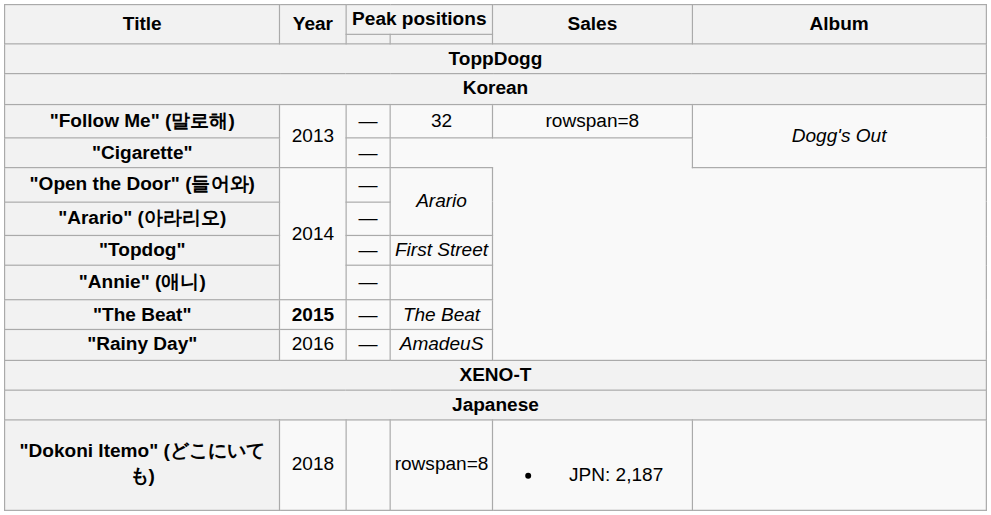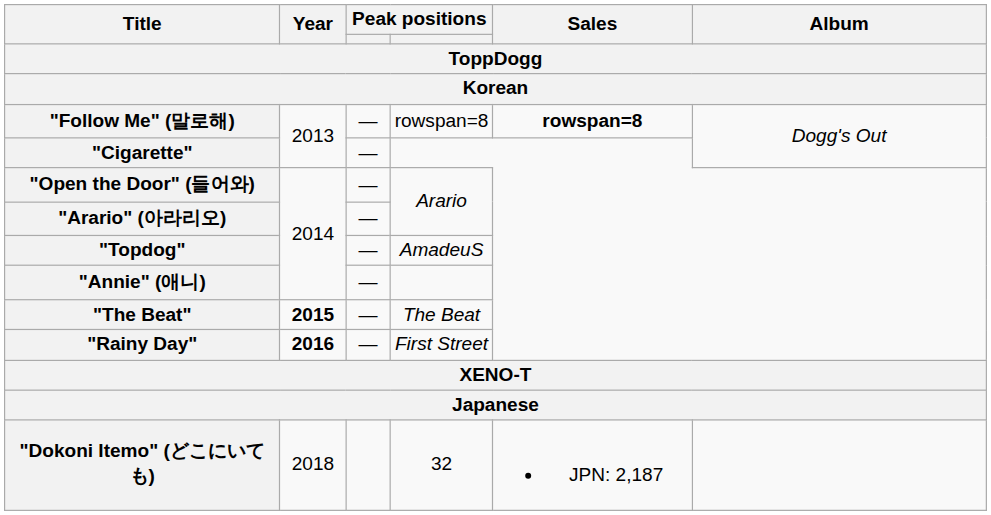 <table class="wikitable plainrowheaders" style="text-align:center;">
 <tr>
 <th rowspan="2" scope="col" style="width:14em;">Title</th>
 <th rowspan="2" scope="col" style="width:3em;">Year</th>
 <th colspan="2" scope="col">Peak positions</th>
 <th rowspan="2" style="width:10em;">Sales</th>
 <th rowspan="2" scope="col" style="width:15em;">Album</th>
 </tr>
 <tr>
 <th width="30"></th>
 <th width="30"></th>
 </tr>
 <tr>
 <th colspan="6">ToppDogg</th>
 </tr>
 <tr>
 <th colspan="6">Korean</th>
 </tr>
 <tr>
 <th scope="row">"Follow Me" (말로해)</th>
 <td rowspan=2>2013</td>
 <td>—</td>
-<td>32</td>
 <td>rowspan=8 </td>
+<td><strong>rowspan=8 </strong></td>
 <td rowspan=2><em>Dogg's Out</em></td>
 </tr>
 <tr>
 <th scope="row">"Cigarette"</th>
 <td>—</td>
 </tr>
 <tr>
 <th scope="row">"Open the Door" (들어와)</th>
 <td rowspan=4>2014</td>
 <td>—</td>
 <td rowspan=2><em>Arario</em></td>
 </tr>
 <tr>
 <th scope="row">"Arario" (아라리오)</th>
 <td>—</td>
 </tr>
 <tr>
 <th scope="row">"Topdog"</th>
 <td>—</td>
-<td><em>First Street</em></td>
+<td><em>AmadeuS</em></td>
 </tr>
 <tr>
 <th scope="row">"Annie" (애니)</th>
 <td>—</td>
 <td></td>
 </tr>
 <tr>
 <th scope="row">"The Beat"</th>
 <td><strong>2015</strong></td>
 <td>—</td>
 <td><em>The Beat</em></td>
 </tr>
 <tr>
 <th scope="row">"Rainy Day"</th>
-<td>2016</td>
+<td><strong>2016</strong></td>
 <td>—</td>
-<td><em>AmadeuS</em></td>
+<td><em>First Street</em></td>
 </tr>
 <tr>
 <th colspan="6">XENO-T</th>
 </tr>
 <tr>
 <th colspan="6">Japanese</th>
 </tr>
 <tr>
 <th scope="row">"Dokoni Itemo" (どこにいても)</th>
 <td>2018</td>
 <td></td>
-<td>rowspan=8 </td>
+<td>32</td>
 <td><br><ul><li>JPN: 2,187</li></ul></td>
 <td></td>
 </tr>
 </table>
